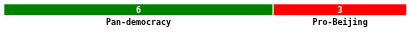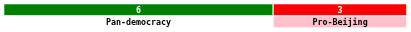 <table style="width:50%; text-align:center;">
 <tr style="color:white;">
 <td style="background:green; width:67%;"><strong>6</strong></td>
 <td style="background:red; width:33%;"><strong>3</strong></td>
 </tr>
 <tr>
 <td><span><strong>Pan-democracy</strong></span></td>
-<td><span><strong>Pro-Beijing</strong></span></td>
+<td style="background: pink;"><span><strong>Pro-Beijing</strong></span></td>
 </tr>
 </table>
